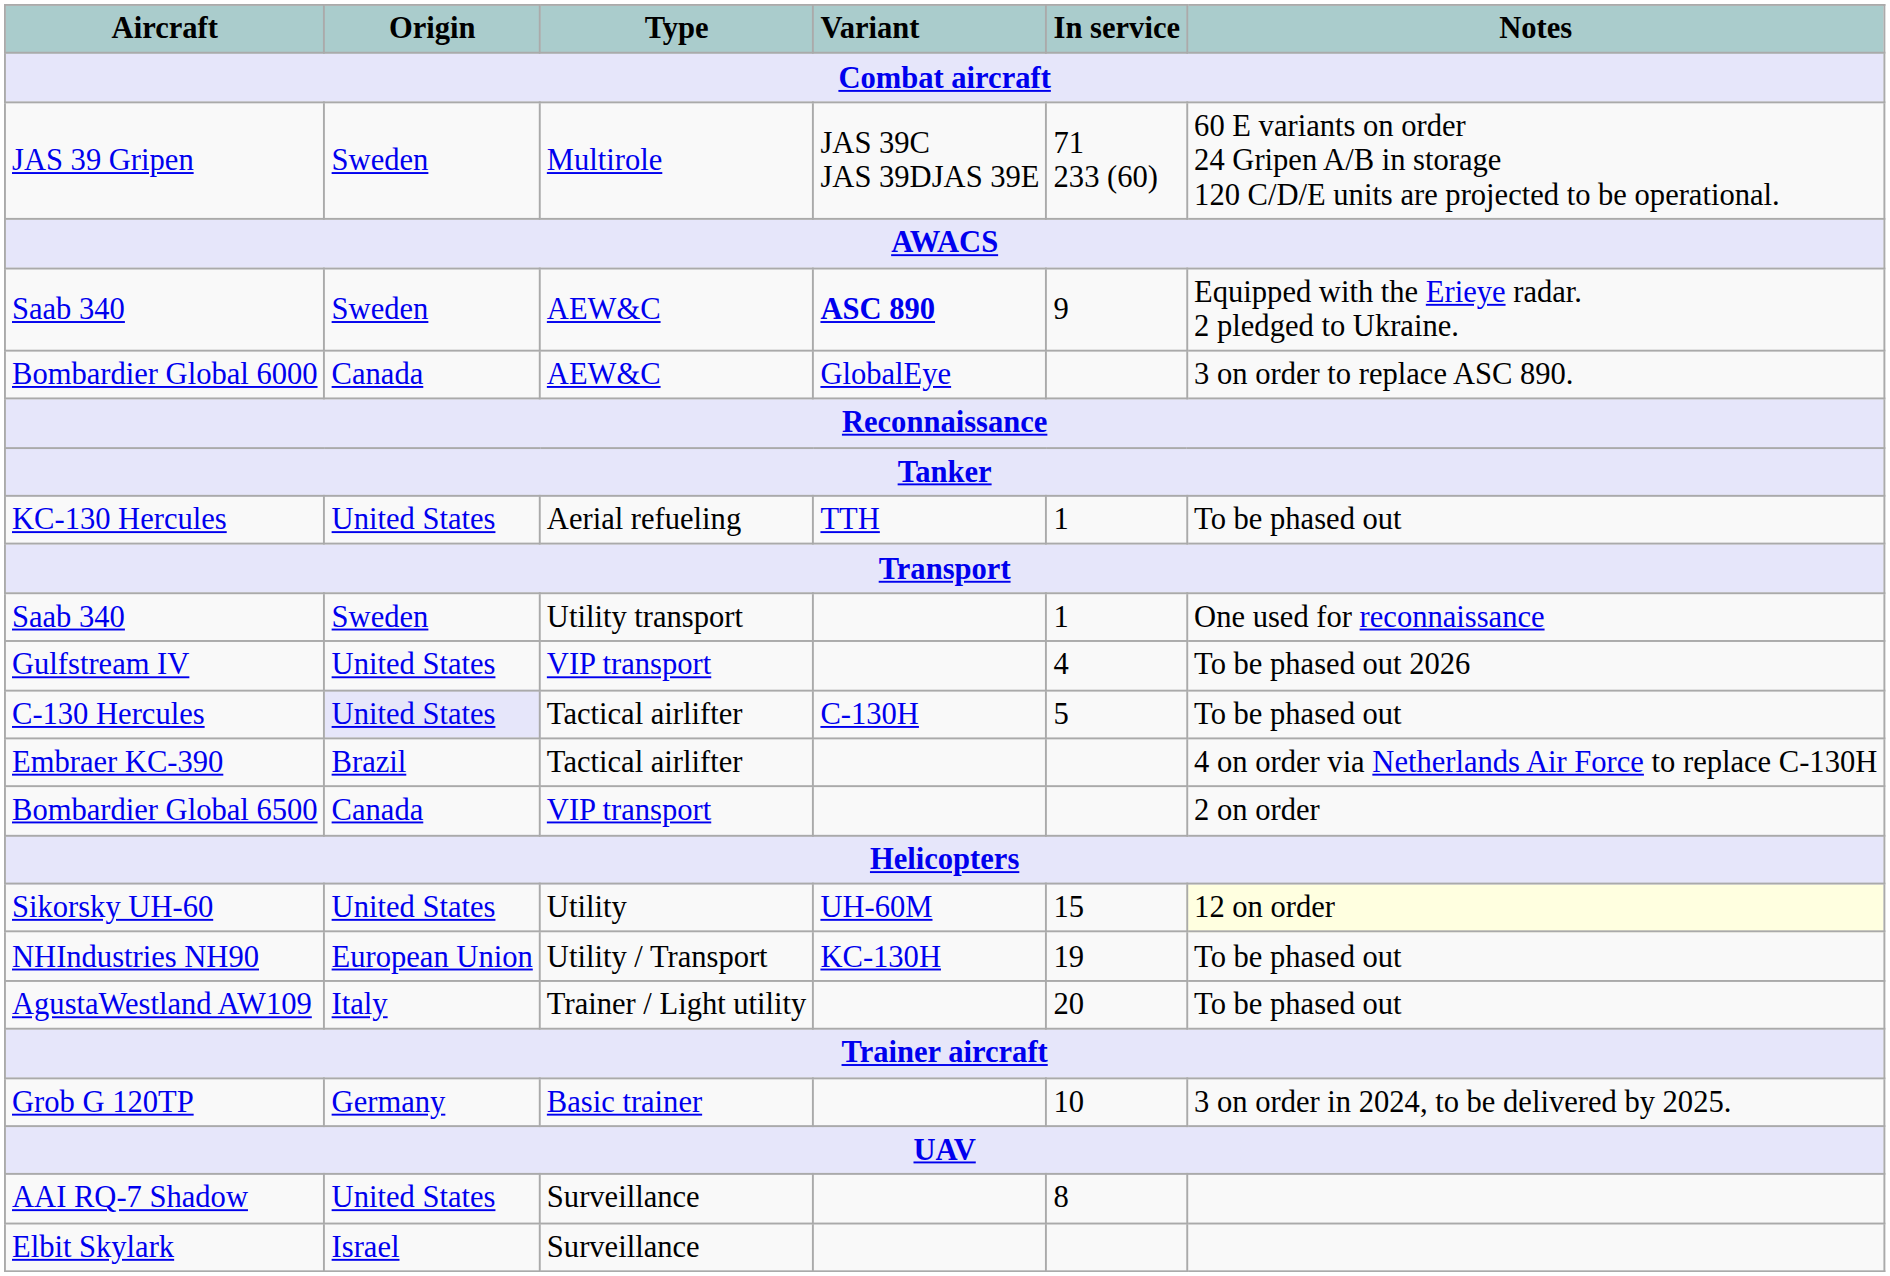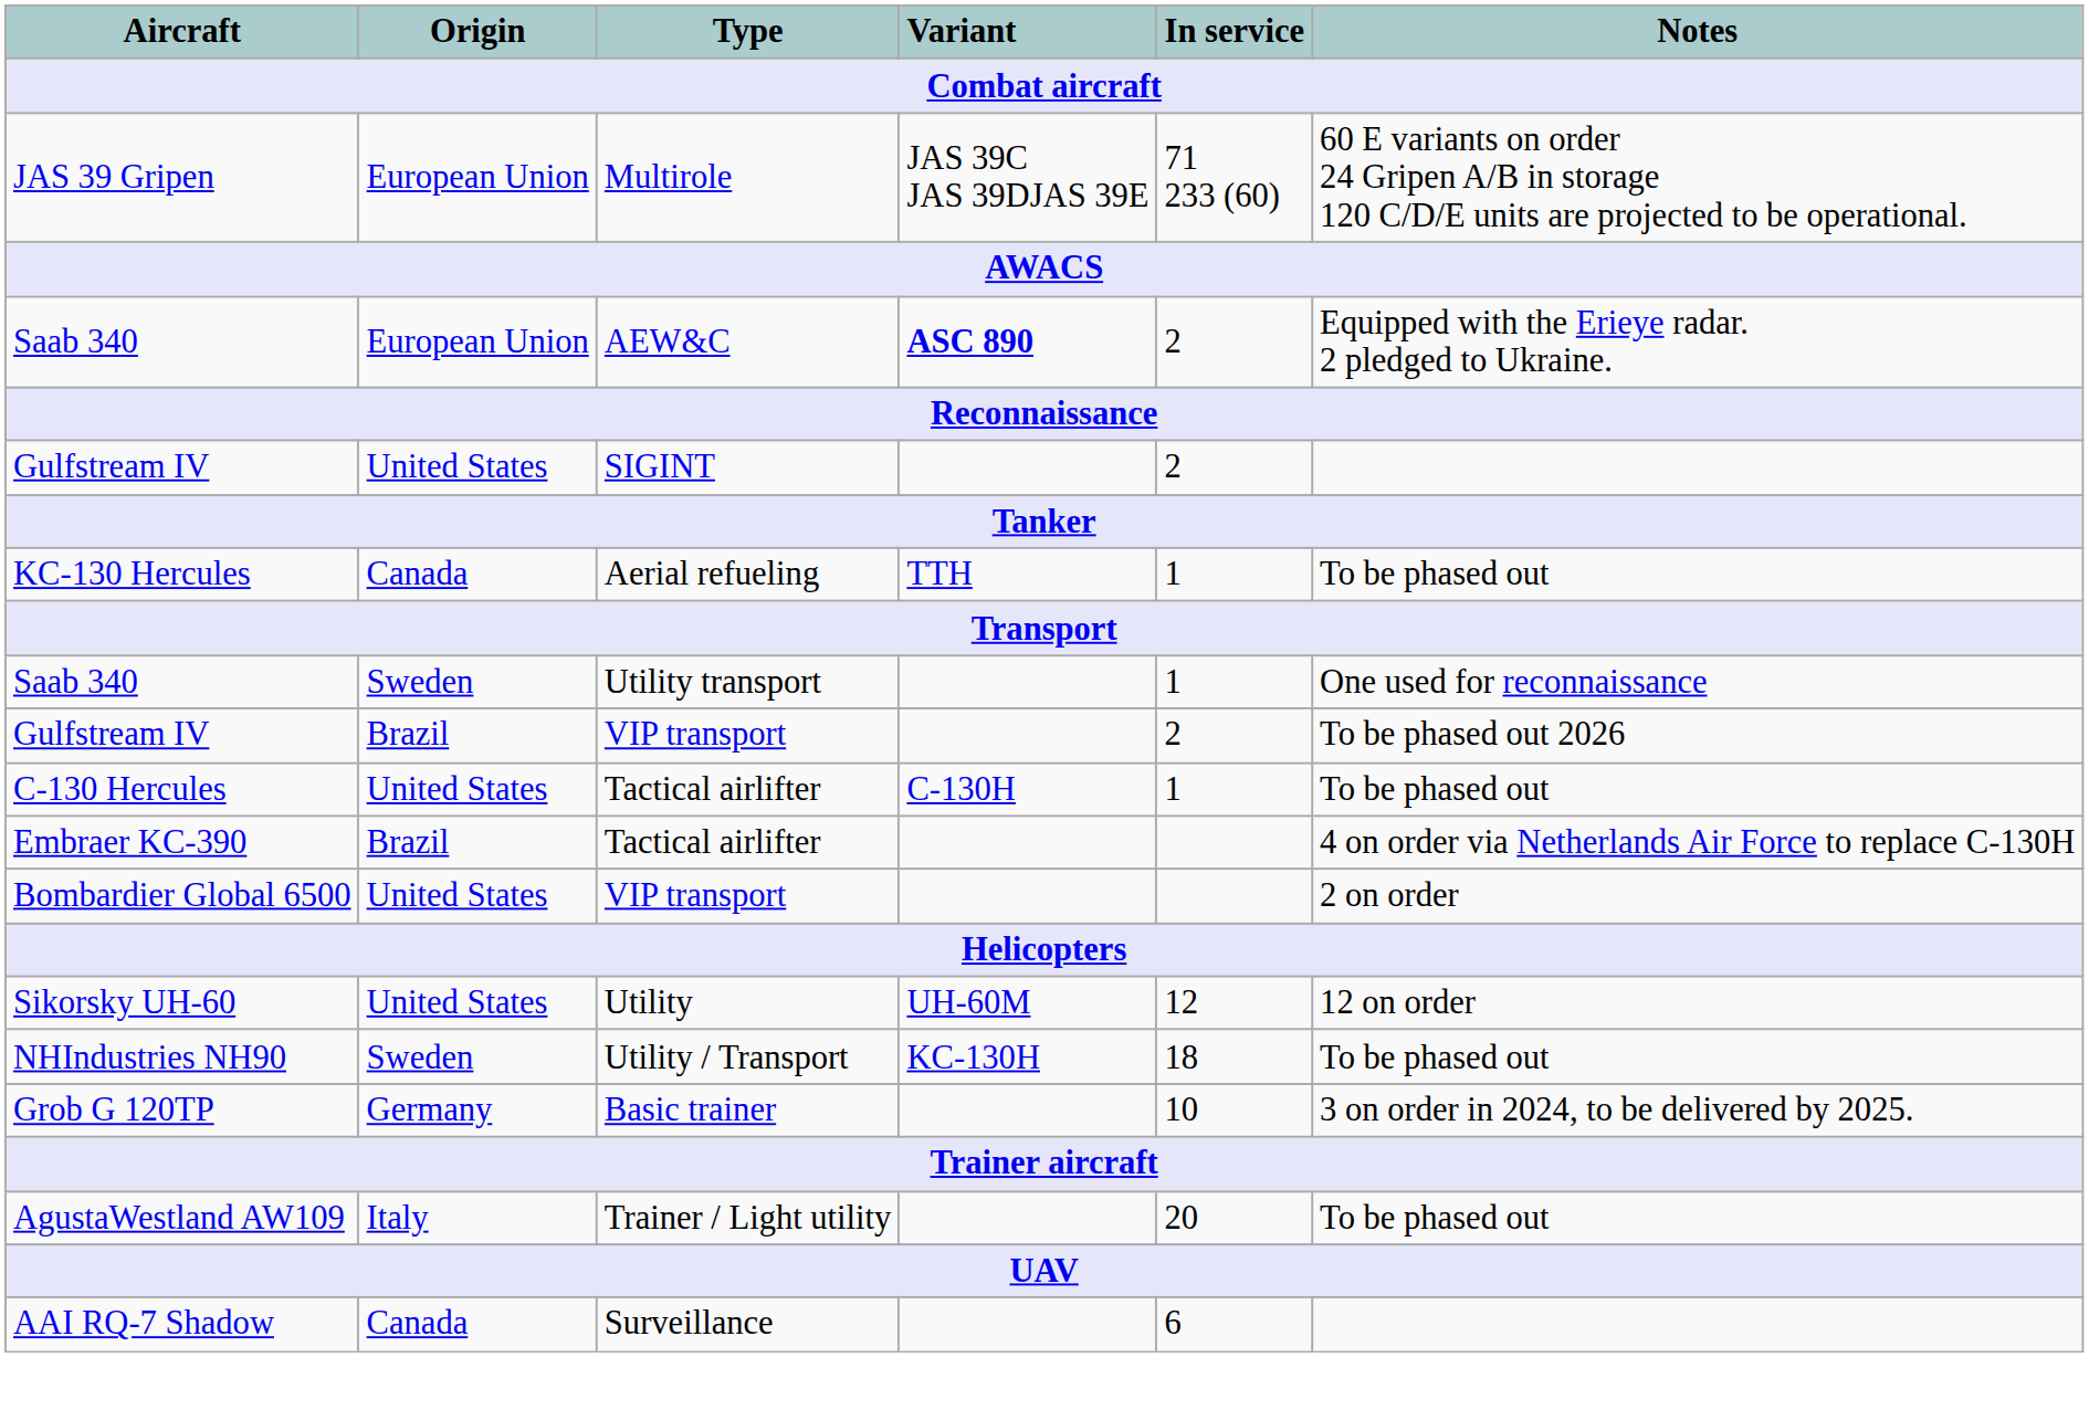 <table class="wikitable">
 <tr>
 <th style="text-align:center; background:#acc;">Aircraft</th>
 <th style="text-align: center; background:#acc;">Origin</th>
 <th style="text-align:l center; background:#acc;">Type</th>
 <th style="text-align:left; background:#acc;">Variant</th>
 <th style="text-align:center; background:#acc;">In service</th>
 <th style="text-align: center; background:#acc;">Notes</th>
 </tr>
 <tr>
 <th style="align: center; background: lavender;" colspan="6"><a href='#'>Combat aircraft</a></th>
 </tr>
 <tr>
 <td><a href='#'>JAS 39 Gripen</a></td>
-<td><a href='#'>Sweden</a></td>
+<td><a href='#'>European Union</a></td>
 <td><a href='#'>Multirole</a></td>
 <td>JAS 39C<br>JAS 39DJAS 39E</td>
 <td>71<br>233 (60)</td>
 <td>60 E variants on order<br>24 Gripen A/B in storage<br>120 C/D/E units are projected to be operational.</td>
 </tr>
 <tr>
 <th style="align: center; background: lavender;" colspan="6"><a href='#'>AWACS</a></th>
 </tr>
 <tr>
 <td><a href='#'>Saab 340</a></td>
-<td><a href='#'>Sweden</a></td>
+<td><a href='#'>European Union</a></td>
 <td><a href='#'>AEW&C</a></td>
 <td><strong><a href='#'>ASC 890</a></strong></td>
-<td>9</td>
+<td>2</td>
 <td>Equipped with the <a href='#'>Erieye</a> radar.<br>2 pledged to Ukraine.</td>
-</tr>
-<tr>
-<td><a href='#'>Bombardier Global 6000</a></td>
-<td><a href='#'>Canada</a></td>
-<td><a href='#'>AEW&C</a></td>
-<td><a href='#'>GlobalEye</a></td>
-<td></td>
-<td>3 on order to replace ASC 890.</td>
 </tr>
 <tr ->
 <th style="align: center; background: lavender;" colspan="6"><a href='#'>Reconnaissance</a></th>
+</tr>
+<tr>
+<td><a href='#'>Gulfstream IV</a></td>
+<td><a href='#'>United States</a></td>
+<td><a href='#'>SIGINT</a></td>
+<td></td>
+<td>2</td>
+<td></td>
 </tr>
 <tr>
 <th style="align: center; background: lavender;" colspan="6"><a href='#'>Tanker</a></th>
 </tr>
 <tr>
 <td><a href='#'>KC-130 Hercules</a></td>
-<td><a href='#'>United States</a></td>
+<td><a href='#'>Canada</a></td>
 <td>Aerial refueling</td>
 <td><a href='#'>TTH</a></td>
 <td>1</td>
 <td>To be phased out</td>
 </tr>
 <tr>
 <th style="align: center; background: lavender;" colspan="6"><a href='#'>Transport</a></th>
 </tr>
 <tr>
 <td><a href='#'>Saab 340</a></td>
 <td><a href='#'>Sweden</a></td>
 <td>Utility transport</td>
 <td></td>
 <td>1</td>
 <td>One used for <a href='#'>reconnaissance</a></td>
 </tr>
 <tr>
 <td><a href='#'>Gulfstream IV</a></td>
-<td><a href='#'>United States</a></td>
+<td><a href='#'>Brazil</a></td>
 <td><a href='#'>VIP transport</a></td>
 <td></td>
-<td>4</td>
+<td>2</td>
 <td>To be phased out 2026</td>
 </tr>
 <tr>
 <td><a href='#'>C-130 Hercules</a></td>
-<td style="background: lavender;"><a href='#'>United States</a></td>
+<td><a href='#'>United States</a></td>
 <td>Tactical airlifter</td>
 <td><a href='#'>C-130H</a></td>
-<td>5</td>
+<td>1</td>
 <td>To be phased out</td>
 </tr>
 <tr>
 <td><a href='#'>Embraer KC-390</a></td>
 <td><a href='#'>Brazil</a></td>
 <td>Tactical airlifter</td>
 <td></td>
 <td></td>
 <td>4 on order via <a href='#'>Netherlands Air Force</a> to replace C-130H</td>
 </tr>
 <tr>
 <td><a href='#'>Bombardier Global 6500</a></td>
-<td><a href='#'>Canada</a></td>
+<td><a href='#'>United States</a></td>
 <td><a href='#'>VIP transport</a></td>
 <td></td>
 <td></td>
 <td>2 on order</td>
 </tr>
 <tr>
 <th style="align: center; background: lavender;" colspan="6"><a href='#'>Helicopters</a></th>
 </tr>
 <tr>
 <td><a href='#'>Sikorsky UH-60</a></td>
 <td><a href='#'>United States</a></td>
 <td>Utility</td>
 <td><a href='#'>UH-60M</a></td>
-<td>15<br></td>
-<td style="background: lightyellow;">12 on order</td>
+<td>12<br></td>
+<td>12 on order</td>
 </tr>
 <tr>
 <td><a href='#'>NHIndustries NH90</a></td>
-<td><a href='#'>European Union</a></td>
+<td><a href='#'>Sweden</a></td>
 <td>Utility / Transport</td>
 <td><a href='#'>KC-130H</a></td>
-<td>19</td>
+<td>18</td>
 <td>To be phased out</td>
+</tr>
+<tr>
+<td><a href='#'>Grob G 120TP</a></td>
+<td><a href='#'>Germany</a></td>
+<td><a href='#'>Basic trainer</a></td>
+<td></td>
+<td>10</td>
+<td>3 on order in 2024, to be delivered by 2025.</td>
+</tr>
+<tr>
+<th style="align: center; background: lavender;" colspan="6"><a href='#'>Trainer aircraft</a></th>
 </tr>
 <tr>
 <td><a href='#'>AgustaWestland AW109</a></td>
 <td><a href='#'>Italy</a></td>
 <td>Trainer / Light utility</td>
 <td></td>
 <td>20</td>
 <td>To be phased out</td>
 </tr>
 <tr>
-<th style="align: center; background: lavender;" colspan="6"><a href='#'>Trainer aircraft</a></th>
-</tr>
-<tr>
-<td><a href='#'>Grob G 120TP</a></td>
-<td><a href='#'>Germany</a></td>
-<td><a href='#'>Basic trainer</a></td>
-<td></td>
-<td>10</td>
-<td>3 on order in 2024, to be delivered by 2025.</td>
-</tr>
-<tr>
 <th style="align: center; background: lavender;" colspan="6"><a href='#'>UAV</a></th>
 </tr>
 <tr>
 <td><a href='#'>AAI RQ-7 Shadow</a></td>
-<td><a href='#'>United States</a></td>
+<td><a href='#'>Canada</a></td>
 <td>Surveillance</td>
 <td></td>
-<td>8</td>
-<td></td>
-</tr>
-<tr>
-<td><a href='#'>Elbit Skylark</a></td>
-<td><a href='#'>Israel</a></td>
-<td>Surveillance</td>
-<td></td>
-<td></td>
+<td>6</td>
 <td></td>
 </tr>
 </table>
